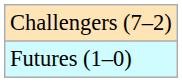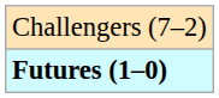 <table class="wikitable" style="font-size:97%">
 <tr style="background:moccasin;">
 <td>Challengers (7–2)</td>
 </tr>
 <tr style="background:#cffcff;">
-<td>Futures (1–0)</td>
+<td><strong>Futures (1–0)</strong></td>
 </tr>
 </table>
